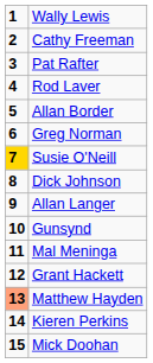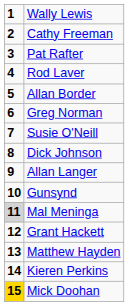 <table class="wikitable">
 <tr>
 <td><strong>1</strong></td>
 <td><a href='#'>Wally Lewis</a></td>
 </tr>
 <tr>
 <td><strong>2</strong></td>
 <td><a href='#'>Cathy Freeman</a></td>
 </tr>
 <tr>
 <td><strong>3</strong></td>
 <td><a href='#'>Pat Rafter</a></td>
 </tr>
 <tr>
 <td><strong>4</strong></td>
 <td><a href='#'>Rod Laver</a></td>
 </tr>
 <tr>
 <td><strong>5</strong></td>
 <td><a href='#'>Allan Border</a></td>
 </tr>
 <tr>
 <td><strong>6</strong></td>
 <td><a href='#'>Greg Norman</a></td>
 </tr>
 <tr>
-<td style="background: gold;"><strong>7</strong></td>
+<td><strong>7</strong></td>
 <td><a href='#'>Susie O'Neill</a></td>
 </tr>
 <tr>
 <td><strong>8</strong></td>
 <td><a href='#'>Dick Johnson</a></td>
 </tr>
 <tr>
 <td><strong>9</strong></td>
 <td><a href='#'>Allan Langer</a></td>
 </tr>
 <tr>
 <td><strong>10</strong></td>
 <td><a href='#'>Gunsynd</a></td>
 </tr>
 <tr>
-<td><strong>11</strong></td>
+<td style="background: lightgrey;"><strong>11</strong></td>
 <td><a href='#'>Mal Meninga</a></td>
 </tr>
 <tr>
 <td><strong>12</strong></td>
 <td><a href='#'>Grant Hackett</a></td>
 </tr>
 <tr>
-<td style="background: lightsalmon;"><strong>13</strong></td>
+<td><strong>13</strong></td>
 <td><a href='#'>Matthew Hayden</a></td>
 </tr>
 <tr>
 <td><strong>14</strong></td>
 <td><a href='#'>Kieren Perkins</a></td>
 </tr>
 <tr>
-<td><strong>15</strong></td>
+<td style="background: gold;"><strong>15</strong></td>
 <td><a href='#'>Mick Doohan</a></td>
 </tr>
 </table>
